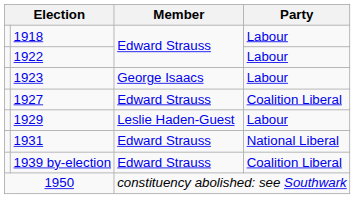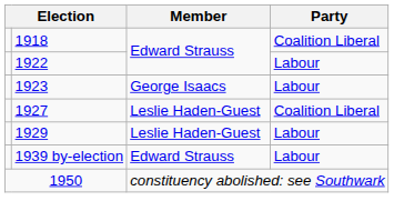 <table class="wikitable">
 <tr>
 <th colspan="2">Election</th>
 <th>Member</th>
 <th>Party</th>
 </tr>
 <tr>
 <td style="color:inherit;background-color: "></td>
 <td><a href='#'>1918</a></td>
 <td rowspan="2"><a href='#'>Edward Strauss</a></td>
-<td><a href='#'>Labour</a></td>
+<td><a href='#'>Coalition Liberal</a></td>
 </tr>
 <tr>
 <td style="color:inherit;background-color: "></td>
 <td><a href='#'>1922</a></td>
 <td><a href='#'>Labour</a></td>
 </tr>
 <tr>
 <td style="color:inherit;background-color: "></td>
 <td><a href='#'>1923</a></td>
 <td><a href='#'>George Isaacs</a></td>
 <td><a href='#'>Labour</a></td>
 </tr>
 <tr>
 <td style="color:inherit;background-color: "></td>
 <td><a href='#'>1927</a></td>
-<td><a href='#'>Edward Strauss</a></td>
+<td><a href='#'>Leslie Haden-Guest</a></td>
 <td><a href='#'>Coalition Liberal</a></td>
 </tr>
 <tr>
 <td style="color:inherit;background-color: "></td>
 <td><a href='#'>1929</a></td>
 <td><a href='#'>Leslie Haden-Guest</a></td>
 <td><a href='#'>Labour</a></td>
 </tr>
 <tr>
 <td style="color:inherit;background-color: "></td>
-<td><a href='#'>1931</a></td>
-<td><a href='#'>Edward Strauss</a></td>
-<td><a href='#'>National Liberal</a></td>
-</tr>
-<tr>
-<td style="color:inherit;background-color: "></td>
 <td><a href='#'>1939 by-election</a></td>
 <td><a href='#'>Edward Strauss</a></td>
-<td><a href='#'>Coalition Liberal</a></td>
+<td><a href='#'>Labour</a></td>
 </tr>
 <tr>
 <td colspan="2" align="center"><a href='#'>1950</a></td>
 <td colspan="2"><em>constituency abolished: see <a href='#'>Southwark</a></em></td>
 </tr>
 </table>
